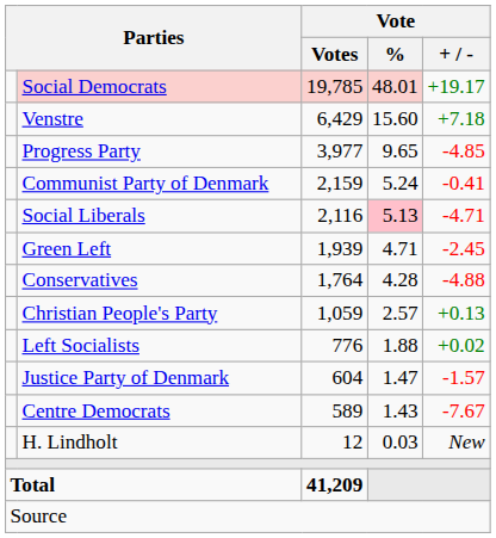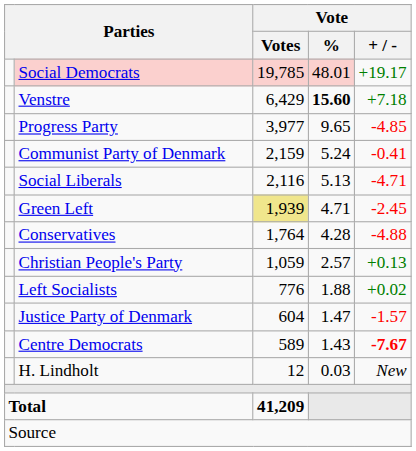 <table class="wikitable" style="text-align:right;">
 <tr>
 <th style="text-align:centre;" rowspan="2" colspan="2" width="225">Parties</th>
 <th colspan="3">Vote</th>
 </tr>
 <tr>
 <th width="15">Votes</th>
 <th width="15">%</th>
 <th width="15">+ / -</th>
 </tr>
 <tr>
 <td width="2" style="color:inherit;background:"></td>
 <td bgcolor=#fbd0ce  align="left"><a href='#'>Social Democrats</a></td>
 <td bgcolor=#fbd0ce>19,785</td>
 <td bgcolor=#fbd0ce>48.01</td>
 <td style=color:green;>+19.17</td>
 </tr>
 <tr>
 <td width="2" style="color:inherit;background:"></td>
 <td align="left"><a href='#'>Venstre</a></td>
 <td>6,429</td>
-<td>15.60</td>
+<td><strong>15.60</strong></td>
 <td style=color:green;>+7.18</td>
 </tr>
 <tr>
 <td width="2" style="color:inherit;background:"></td>
 <td align="left"><a href='#'>Progress Party</a></td>
 <td>3,977</td>
 <td>9.65</td>
 <td style=color:red;>-4.85</td>
 </tr>
 <tr>
 <td width="2" style="color:inherit;background:"></td>
 <td align="left"><a href='#'>Communist Party of Denmark</a></td>
 <td>2,159</td>
 <td>5.24</td>
 <td style=color:red;>-0.41</td>
 </tr>
 <tr>
 <td width="2" style="color:inherit;background:"></td>
 <td align="left"><a href='#'>Social Liberals</a></td>
 <td>2,116</td>
-<td style="background: pink;">5.13</td>
+<td>5.13</td>
 <td style=color:red;>-4.71</td>
 </tr>
 <tr>
 <td width="2" style="color:inherit;background:"></td>
 <td align="left"><a href='#'>Green Left</a></td>
-<td>1,939</td>
+<td style="background: khaki;">1,939</td>
 <td>4.71</td>
 <td style=color:red;>-2.45</td>
 </tr>
 <tr>
 <td width="2" style="color:inherit;background:"></td>
 <td align="left"><a href='#'>Conservatives</a></td>
 <td>1,764</td>
 <td>4.28</td>
 <td style=color:red;>-4.88</td>
 </tr>
 <tr>
 <td width="2" style="color:inherit;background:"></td>
 <td align="left"><a href='#'>Christian People's Party</a></td>
 <td>1,059</td>
 <td>2.57</td>
 <td style=color:green;>+0.13</td>
 </tr>
 <tr>
 <td width="2" style="color:inherit;background:"></td>
 <td align="left"><a href='#'>Left Socialists</a></td>
 <td>776</td>
 <td>1.88</td>
 <td style=color:green;>+0.02</td>
 </tr>
 <tr>
 <td width="2" style="color:inherit;background:"></td>
 <td align="left"><a href='#'>Justice Party of Denmark</a></td>
 <td>604</td>
 <td>1.47</td>
 <td style=color:red;>-1.57</td>
 </tr>
 <tr>
 <td width="2" style="color:inherit;background:"></td>
 <td align="left"><a href='#'>Centre Democrats</a></td>
 <td>589</td>
 <td>1.43</td>
-<td style=color:red;>-7.67</td>
+<td style=color:red;><strong>-7.67</strong></td>
 </tr>
 <tr>
 <td width="2" style="color:inherit;background:"></td>
 <td align="left">H. Lindholt</td>
 <td>12</td>
 <td>0.03</td>
 <td><em>New</em></td>
 </tr>
 <tr>
 <td colspan="7" bgcolor="#E9E9E9"></td>
 </tr>
 <tr>
 <td align="left" colspan="2"><strong>Total</strong></td>
 <td><strong>41,209</strong></td>
 <td bgcolor="#E9E9E9" colspan="2"></td>
 </tr>
 <tr>
 <td align="left" colspan="6">Source</td>
 </tr>
 </table>
